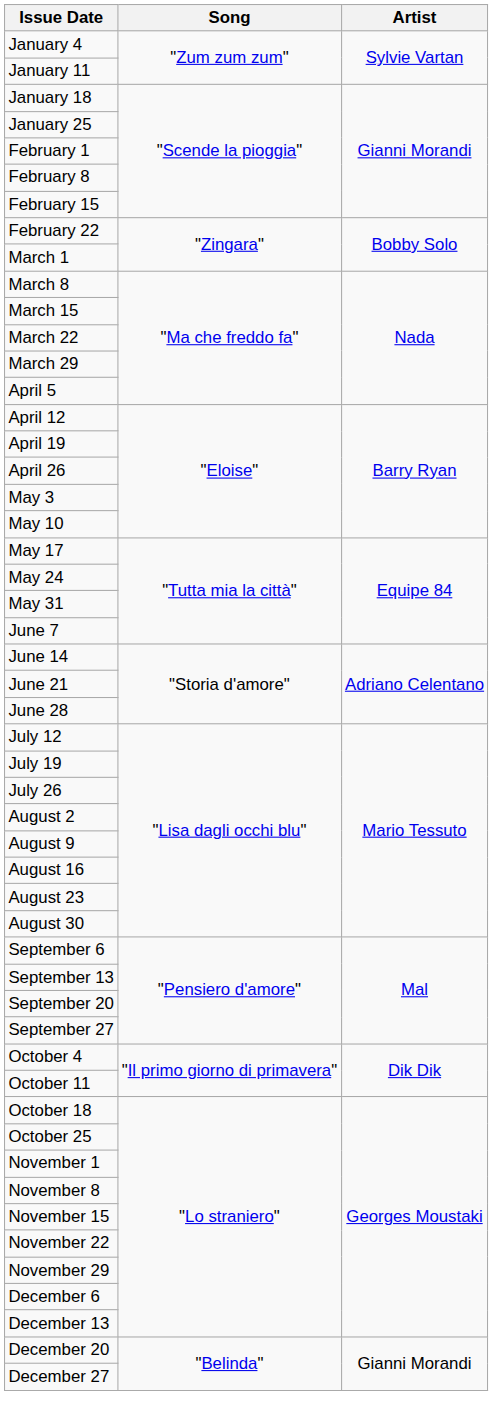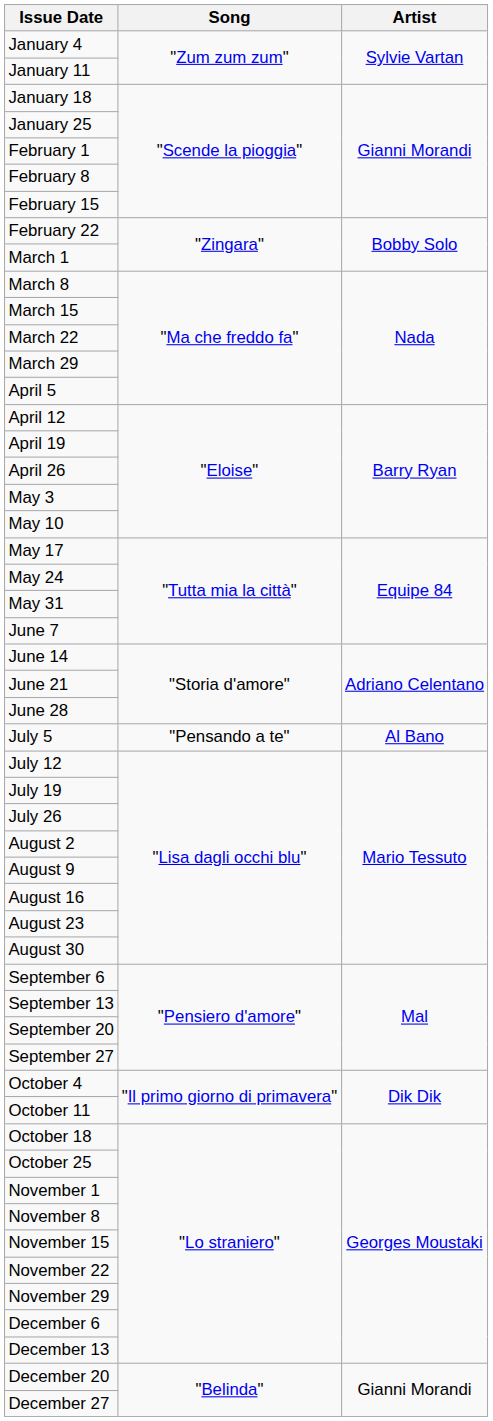 <table class="wikitable">
 <tr>
 <th>Issue Date</th>
 <th>Song</th>
 <th>Artist</th>
 </tr>
 <tr>
 <td>January 4</td>
 <td align="center" rowspan="2">"<a href='#'>Zum zum zum</a>"</td>
 <td align="center" rowspan="2"><a href='#'>Sylvie Vartan</a></td>
 </tr>
 <tr>
 <td>January 11</td>
 </tr>
 <tr>
 <td>January 18</td>
 <td align="center" rowspan="5">"<a href='#'>Scende la pioggia</a>"</td>
 <td align="center" rowspan="5"><a href='#'>Gianni Morandi</a></td>
 </tr>
 <tr>
 <td>January 25</td>
 </tr>
 <tr>
 <td>February 1</td>
 </tr>
 <tr>
 <td>February 8</td>
 </tr>
 <tr>
 <td>February 15</td>
 </tr>
 <tr>
 <td>February 22</td>
 <td align="center" rowspan="2">"<a href='#'>Zingara</a>"</td>
 <td align="center" rowspan="2"><a href='#'>Bobby Solo</a></td>
 </tr>
 <tr>
 <td>March 1</td>
 </tr>
 <tr>
 <td>March 8</td>
 <td align="center" rowspan="5">"<a href='#'>Ma che freddo fa</a>"</td>
 <td align="center" rowspan="5"><a href='#'>Nada</a></td>
 </tr>
 <tr>
 <td>March 15</td>
 </tr>
 <tr>
 <td>March 22</td>
 </tr>
 <tr>
 <td>March 29</td>
 </tr>
 <tr>
 <td>April 5</td>
 </tr>
 <tr>
 <td>April 12</td>
 <td align="center" rowspan="5">"<a href='#'>Eloise</a>"</td>
 <td align="center" rowspan="5"><a href='#'>Barry Ryan</a></td>
 </tr>
 <tr>
 <td>April 19</td>
 </tr>
 <tr>
 <td>April 26</td>
 </tr>
 <tr>
 <td>May 3</td>
 </tr>
 <tr>
 <td>May 10</td>
 </tr>
 <tr>
 <td>May 17</td>
 <td align="center" rowspan="4">"<a href='#'>Tutta mia la città</a>"</td>
 <td align="center" rowspan="4"><a href='#'>Equipe 84</a></td>
 </tr>
 <tr>
 <td>May 24</td>
 </tr>
 <tr>
 <td>May 31</td>
 </tr>
 <tr>
 <td>June 7</td>
 </tr>
 <tr>
 <td>June 14</td>
 <td align="center" rowspan="3">"Storia d'amore"</td>
 <td align="center" rowspan="3"><a href='#'>Adriano Celentano</a></td>
 </tr>
 <tr>
 <td>June 21</td>
 </tr>
 <tr>
 <td>June 28</td>
 </tr>
 <tr>
+<td>July 5</td>
+<td align="center">"Pensando a te"</td>
+<td align="center"><a href='#'>Al Bano</a></td>
+</tr>
+<tr>
 <td>July 12</td>
 <td align="center" rowspan="8">"<a href='#'>Lisa dagli occhi blu</a>"</td>
 <td align="center" rowspan="8"><a href='#'>Mario Tessuto</a></td>
 </tr>
 <tr>
 <td>July 19</td>
 </tr>
 <tr>
 <td>July 26</td>
 </tr>
 <tr>
 <td>August 2</td>
 </tr>
 <tr>
 <td>August 9</td>
 </tr>
 <tr>
 <td>August 16</td>
 </tr>
 <tr>
 <td>August 23</td>
 </tr>
 <tr>
 <td>August 30</td>
 </tr>
 <tr>
 <td>September 6</td>
 <td align="center" rowspan="4">"<a href='#'>Pensiero d'amore</a>"</td>
 <td align="center" rowspan="4"><a href='#'>Mal</a></td>
 </tr>
 <tr>
 <td>September 13</td>
 </tr>
 <tr>
 <td>September 20</td>
 </tr>
 <tr>
 <td>September 27</td>
 </tr>
 <tr>
 <td>October 4</td>
 <td align="center" rowspan="2">"<a href='#'>Il primo giorno di primavera</a>"</td>
 <td align="center" rowspan="2"><a href='#'>Dik Dik</a></td>
 </tr>
 <tr>
 <td>October 11</td>
 </tr>
 <tr>
 <td>October 18</td>
 <td align="center" rowspan="9">"<a href='#'>Lo straniero</a>"</td>
 <td align="center" rowspan="9"><a href='#'>Georges Moustaki</a></td>
 </tr>
 <tr>
 <td>October 25</td>
 </tr>
 <tr>
 <td>November 1</td>
 </tr>
 <tr>
 <td>November 8</td>
 </tr>
 <tr>
 <td>November 15</td>
 </tr>
 <tr>
 <td>November 22</td>
 </tr>
 <tr>
 <td>November 29</td>
 </tr>
 <tr>
 <td>December 6</td>
 </tr>
 <tr>
 <td>December 13</td>
 </tr>
 <tr>
 <td>December 20</td>
 <td align="center" rowspan="2">"<a href='#'>Belinda</a>"</td>
 <td align="center" rowspan="2">Gianni Morandi</td>
 </tr>
 <tr>
 <td>December 27</td>
 </tr>
 <tr>
 </tr>
 </table>
